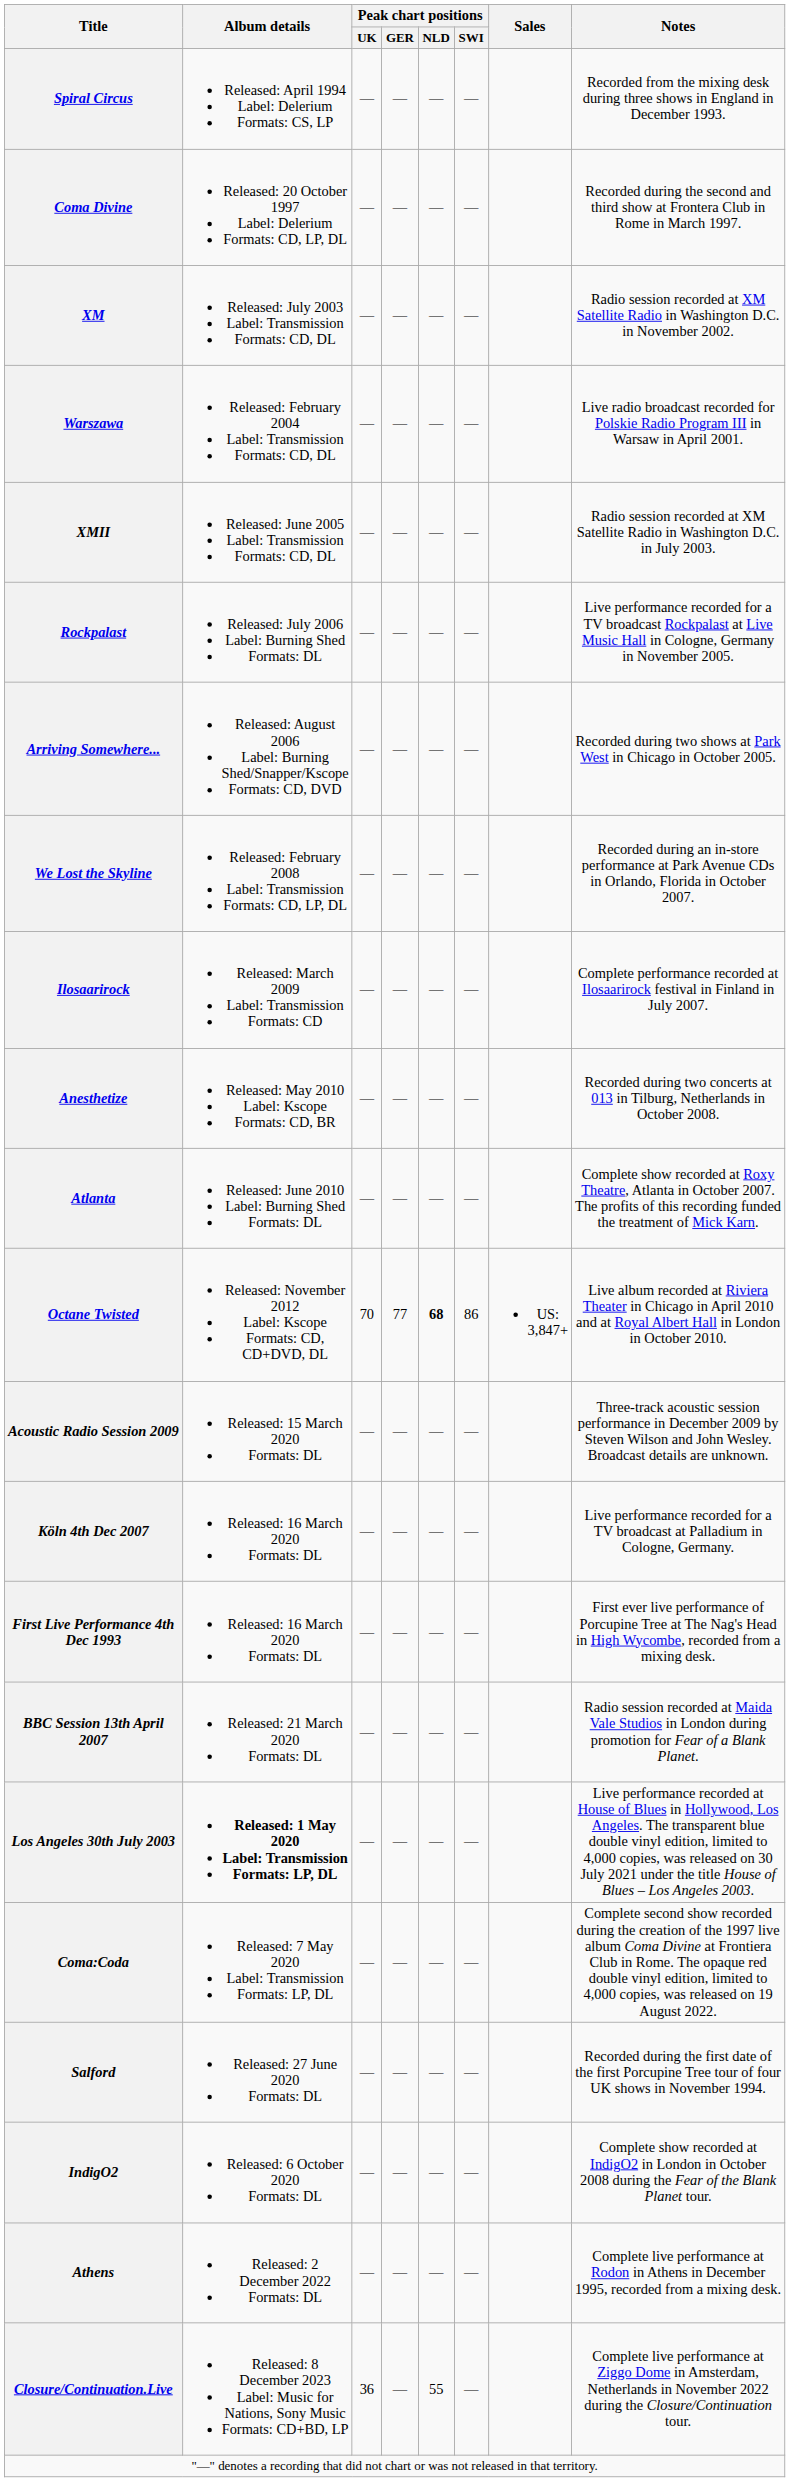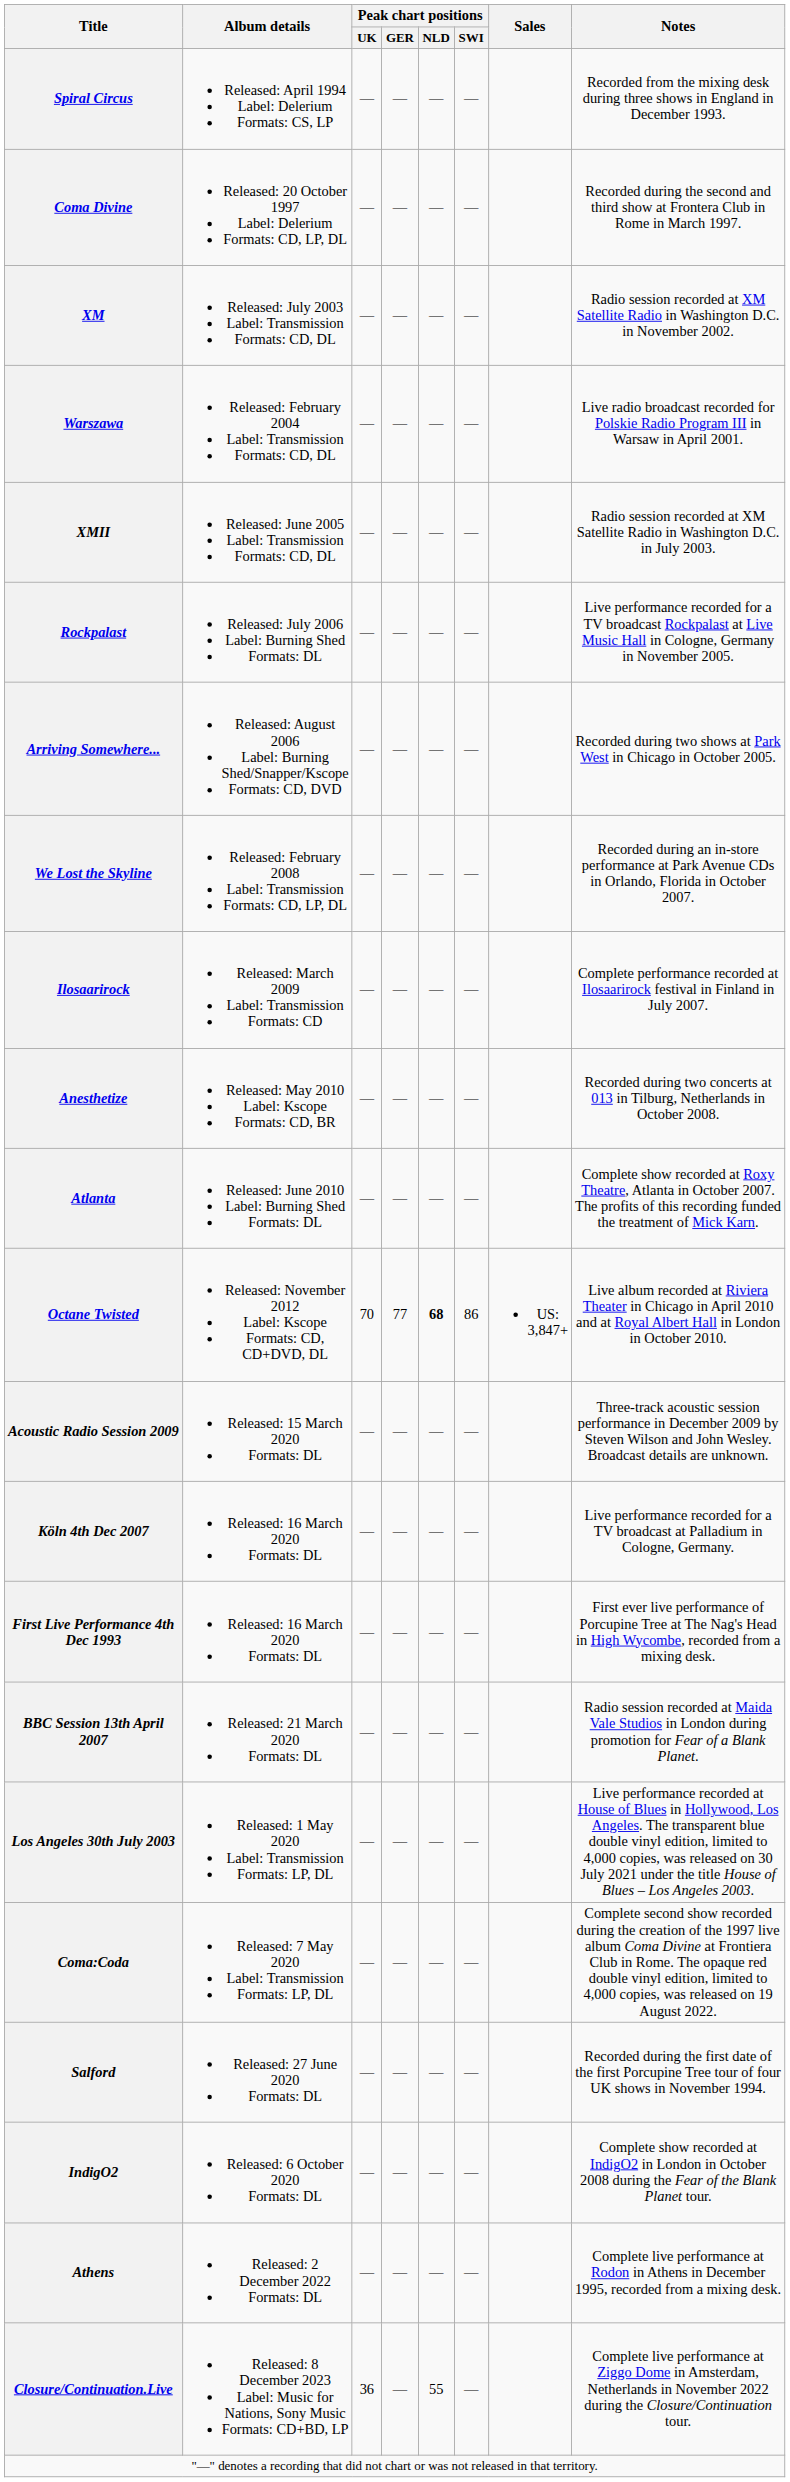 <table class="wikitable plainrowheaders" style="text-align:center;">
 <tr>
 <th scope="col" rowspan="2" style="width:15em;">Title</th>
 <th scope="col" rowspan="2">Album details</th>
 <th scope="col" colspan="4">Peak chart positions</th>
 <th scope="col" rowspan="2">Sales</th>
 <th scope="col" rowspan="2" style="width:35em;">Notes</th>
 </tr>
 <tr>
 <th scope="col" style="width:3em;font-size:90%;">UK<br></th>
 <th scope="col" style="width:3em;font-size:90%;">GER<br></th>
 <th scope="col" style="width:3em;font-size:90%;">NLD<br></th>
 <th scope="col" style="width:3em;font-size:90%;">SWI<br></th>
 </tr>
 <tr>
 <th scope="row"><em><a href='#'>Spiral Circus</a></em></th>
 <td><br><ul><li>Released: April 1994</li><li>Label: Delerium</li><li>Formats: CS, LP</li></ul></td>
 <td>—</td>
 <td>—</td>
 <td>—</td>
 <td>—</td>
 <td></td>
 <td>Recorded from the mixing desk during three shows in England in December 1993.</td>
 </tr>
 <tr>
 <th scope="row"><em><a href='#'>Coma Divine</a></em></th>
 <td><br><ul><li>Released: 20 October 1997</li><li>Label: Delerium</li><li>Formats: CD, LP, DL</li></ul></td>
 <td>—</td>
 <td>—</td>
 <td>—</td>
 <td>—</td>
 <td></td>
 <td>Recorded during the second and third show at Frontera Club in Rome in March 1997.</td>
 </tr>
 <tr>
 <th scope="row"><em><a href='#'>XM</a></em></th>
 <td><br><ul><li>Released: July 2003</li><li>Label: Transmission</li><li>Formats: CD, DL</li></ul></td>
 <td>—</td>
 <td>—</td>
 <td>—</td>
 <td>—</td>
 <td></td>
 <td>Radio session recorded at <a href='#'>XM Satellite Radio</a> in Washington D.C. in November 2002.</td>
 </tr>
 <tr>
 <th scope="row"><em><a href='#'>Warszawa</a></em></th>
 <td><br><ul><li>Released: February 2004</li><li>Label: Transmission</li><li>Formats: CD, DL</li></ul></td>
 <td>—</td>
 <td>—</td>
 <td>—</td>
 <td>—</td>
 <td></td>
 <td>Live radio broadcast recorded for <a href='#'>Polskie Radio Program III</a> in Warsaw in April 2001.</td>
 </tr>
 <tr>
 <th scope="row"><em>XMII</em></th>
 <td><br><ul><li>Released: June 2005</li><li>Label: Transmission</li><li>Formats: CD, DL</li></ul></td>
 <td>—</td>
 <td>—</td>
 <td>—</td>
 <td>—</td>
 <td></td>
 <td>Radio session recorded at XM Satellite Radio in Washington D.C. in July 2003.</td>
 </tr>
 <tr>
 <th scope="row"><em><a href='#'>Rockpalast</a></em></th>
 <td><br><ul><li>Released: July 2006</li><li>Label: Burning Shed</li><li>Formats: DL</li></ul></td>
 <td>—</td>
 <td>—</td>
 <td>—</td>
 <td>—</td>
 <td></td>
 <td>Live performance recorded for a TV broadcast <a href='#'>Rockpalast</a> at <a href='#'>Live Music Hall</a> in Cologne, Germany in November 2005.</td>
 </tr>
 <tr>
 <th scope="row"><em><a href='#'>Arriving Somewhere...</a></em></th>
 <td><br><ul><li>Released: August 2006</li><li>Label: Burning Shed/Snapper/Kscope</li><li>Formats: CD, DVD</li></ul></td>
 <td>—</td>
 <td>—</td>
 <td>—</td>
 <td>—</td>
 <td></td>
 <td>Recorded during two shows at <a href='#'>Park West</a> in Chicago in October 2005.</td>
 </tr>
 <tr>
 <th scope="row"><em><a href='#'>We Lost the Skyline</a></em></th>
 <td><br><ul><li>Released: February 2008</li><li>Label: Transmission</li><li>Formats: CD, LP, DL</li></ul></td>
 <td>—</td>
 <td>—</td>
 <td>—</td>
 <td>—</td>
 <td></td>
 <td>Recorded during an in-store performance at Park Avenue CDs in Orlando, Florida in October 2007.</td>
 </tr>
 <tr>
 <th scope="row"><em><a href='#'>Ilosaarirock</a></em></th>
 <td><br><ul><li>Released: March 2009</li><li>Label: Transmission</li><li>Formats: CD</li></ul></td>
 <td>—</td>
 <td>—</td>
 <td>—</td>
 <td>—</td>
 <td></td>
 <td>Complete performance recorded at <a href='#'>Ilosaarirock</a> festival in Finland in July 2007.</td>
 </tr>
 <tr>
 <th scope="row"><em><a href='#'>Anesthetize</a></em></th>
 <td><br><ul><li>Released: May 2010</li><li>Label: Kscope</li><li>Formats: CD, BR</li></ul></td>
 <td>—</td>
 <td>—</td>
 <td>—</td>
 <td>—</td>
 <td></td>
 <td>Recorded during two concerts at <a href='#'>013</a> in Tilburg, Netherlands in October 2008.</td>
 </tr>
 <tr>
 <th scope="row"><em><a href='#'>Atlanta</a></em></th>
 <td><br><ul><li>Released: June 2010</li><li>Label: Burning Shed</li><li>Formats: DL</li></ul></td>
 <td>—</td>
 <td>—</td>
 <td>—</td>
 <td>—</td>
 <td></td>
 <td>Complete show recorded at <a href='#'>Roxy Theatre</a>, Atlanta in October 2007. The profits of this recording funded the treatment of <a href='#'>Mick Karn</a>.</td>
 </tr>
 <tr>
 <th scope="row"><em><a href='#'>Octane Twisted</a></em></th>
 <td><br><ul><li>Released: November 2012</li><li>Label: Kscope</li><li>Formats: CD, CD+DVD, DL</li></ul></td>
 <td>70</td>
 <td>77</td>
 <td><strong>68</strong></td>
 <td>86</td>
 <td><br><ul><li>US: 3,847+</li></ul></td>
 <td>Live album recorded at <a href='#'>Riviera Theater</a> in Chicago in April 2010 and at <a href='#'>Royal Albert Hall</a> in London in October 2010.</td>
 </tr>
 <tr>
 <th scope="row"><em>Acoustic Radio Session 2009</em></th>
 <td><br><ul><li>Released: 15 March 2020</li><li>Formats: DL</li></ul></td>
 <td>—</td>
 <td>—</td>
 <td>—</td>
 <td>—</td>
 <td></td>
 <td>Three-track acoustic session performance in December 2009 by Steven Wilson and John Wesley. Broadcast details are unknown.</td>
 </tr>
 <tr>
 <th scope="row"><em>Köln 4th Dec 2007</em></th>
 <td><br><ul><li>Released: 16 March 2020</li><li>Formats: DL</li></ul></td>
 <td>—</td>
 <td>—</td>
 <td>—</td>
 <td>—</td>
 <td></td>
 <td>Live performance recorded for a TV broadcast at Palladium in Cologne, Germany.</td>
 </tr>
 <tr>
 <th scope="row"><em>First Live Performance 4th Dec 1993</em></th>
 <td><br><ul><li>Released: 16 March 2020</li><li>Formats: DL</li></ul></td>
 <td>—</td>
 <td>—</td>
 <td>—</td>
 <td>—</td>
 <td></td>
 <td>First ever live performance of Porcupine Tree at The Nag's Head in <a href='#'>High Wycombe</a>, recorded from a mixing desk.</td>
 </tr>
 <tr>
 <th scope="row"><em>BBC Session 13th April 2007</em></th>
 <td><br><ul><li>Released: 21 March 2020</li><li>Formats: DL</li></ul></td>
 <td>—</td>
 <td>—</td>
 <td>—</td>
 <td>—</td>
 <td></td>
 <td>Radio session recorded at <a href='#'>Maida Vale Studios</a> in London during promotion for <em>Fear of a Blank Planet</em>.</td>
 </tr>
 <tr>
 <th scope="row"><em>Los Angeles 30th July 2003 </em></th>
-<td><strong><br><ul><li>Released: 1 May 2020</li><li>Label: Transmission</li><li>Formats: LP, DL</li></ul></strong></td>
+<td><br><ul><li>Released: 1 May 2020</li><li>Label: Transmission</li><li>Formats: LP, DL</li></ul></td>
 <td>—</td>
 <td>—</td>
 <td>—</td>
 <td>—</td>
 <td></td>
 <td>Live performance recorded at <a href='#'>House of Blues</a> in <a href='#'>Hollywood, Los Angeles</a>. The transparent blue double vinyl edition, limited to 4,000 copies, was released on 30 July 2021 under the title <em>House of Blues – Los Angeles 2003</em>.</td>
 </tr>
 <tr>
 <th scope="row"><em>Coma:Coda</em></th>
 <td><br><ul><li>Released: 7 May 2020</li><li>Label: Transmission</li><li>Formats: LP, DL</li></ul></td>
 <td>—</td>
 <td>—</td>
 <td>—</td>
 <td>—</td>
 <td></td>
 <td>Complete second show recorded during the creation of the 1997 live album <em>Coma Divine</em> at Frontiera Club in Rome. The opaque red double vinyl edition, limited to 4,000 copies, was released on 19 August 2022.</td>
 </tr>
 <tr>
 <th scope="row"><em>Salford</em></th>
 <td><br><ul><li>Released: 27 June 2020</li><li>Formats: DL</li></ul></td>
 <td>—</td>
 <td>—</td>
 <td>—</td>
 <td>—</td>
 <td></td>
 <td>Recorded during the first date of the first Porcupine Tree tour of four UK shows in November 1994.</td>
 </tr>
 <tr>
 <th scope="row"><em>IndigO2</em></th>
 <td><br><ul><li>Released: 6 October 2020</li><li>Formats: DL</li></ul></td>
 <td>—</td>
 <td>—</td>
 <td>—</td>
 <td>—</td>
 <td></td>
 <td>Complete show recorded at <a href='#'>IndigO2</a> in London in October 2008 during the <em>Fear of the Blank Planet</em> tour.</td>
 </tr>
 <tr>
 <th scope="row"><em>Athens</em></th>
 <td><br><ul><li>Released: 2 December 2022</li><li>Formats: DL</li></ul></td>
 <td>—</td>
 <td>—</td>
 <td>—</td>
 <td>—</td>
 <td></td>
 <td>Complete live performance at <a href='#'>Rodon</a> in Athens in December 1995, recorded from a mixing desk.</td>
 </tr>
 <tr>
 <th scope="row"><em><a href='#'>Closure/Continuation.Live</a></em></th>
 <td><br><ul><li>Released: 8 December 2023</li><li>Label: Music for Nations, Sony Music</li><li>Formats: CD+BD, LP</li></ul></td>
 <td>36</td>
 <td>—</td>
 <td>55</td>
 <td>—</td>
 <td></td>
 <td>Complete live performance at <a href='#'>Ziggo Dome</a> in Amsterdam, Netherlands in November 2022 during the <em>Closure/Continuation</em> tour.</td>
 </tr>
 <tr>
 <td colspan="14" style="font-size:90%">"—" denotes a recording that did not chart or was not released in that territory.</td>
 </tr>
 </table>
